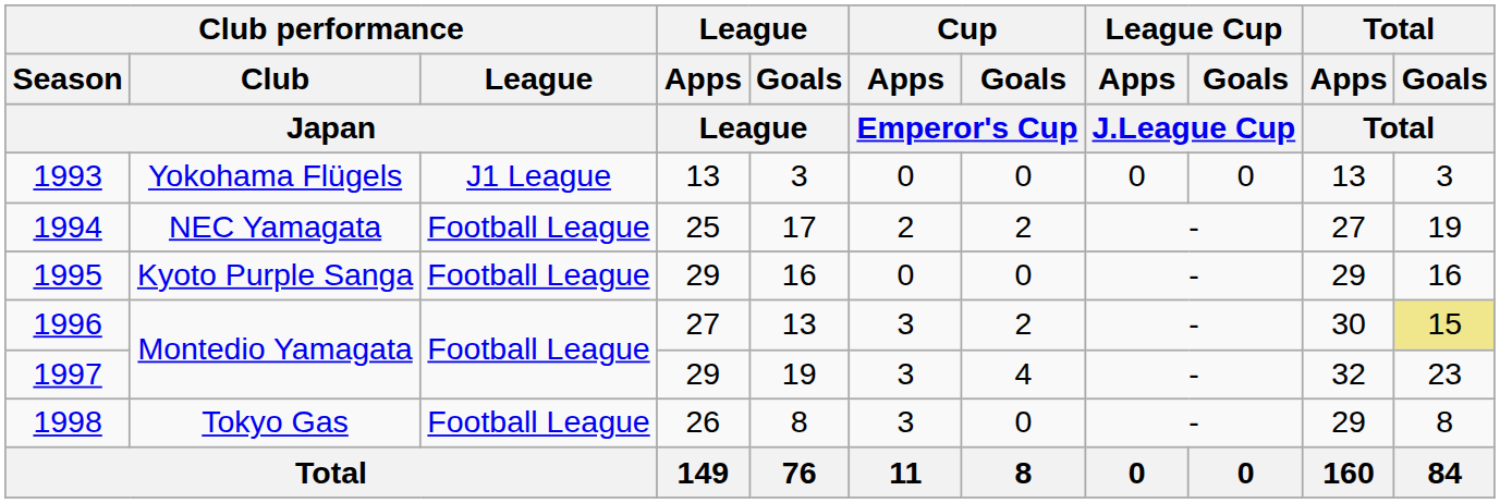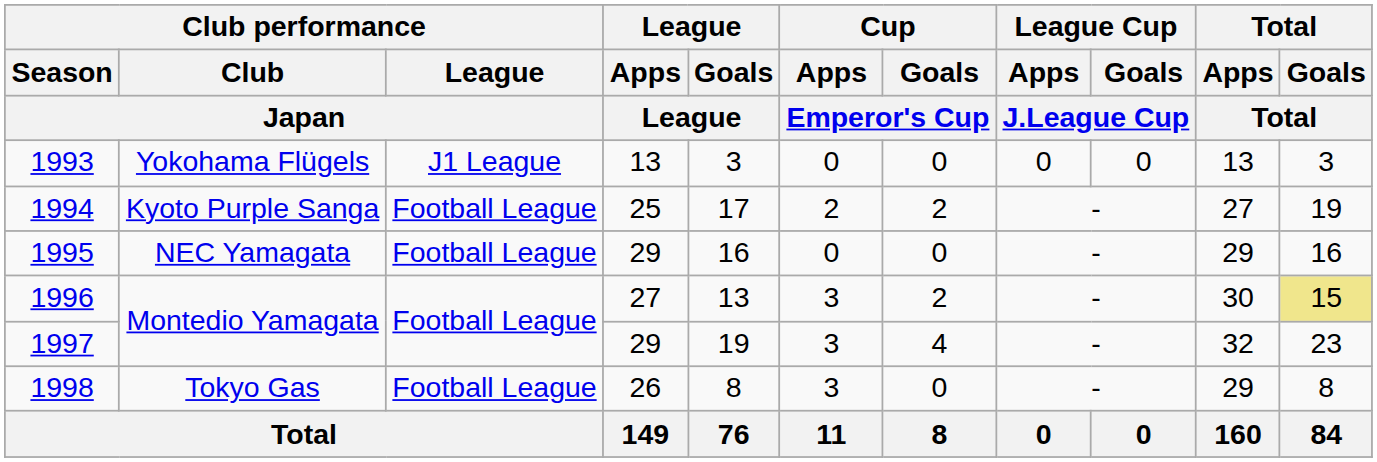 <table class="wikitable" style="text-align:center;">
 <tr>
 <th colspan=3>Club performance</th>
 <th colspan=2>League</th>
 <th colspan=2>Cup</th>
 <th colspan=2>League Cup</th>
 <th colspan=2>Total</th>
 </tr>
 <tr>
 <th>Season</th>
 <th>Club</th>
 <th>League</th>
 <th>Apps</th>
 <th>Goals</th>
 <th>Apps</th>
 <th>Goals</th>
 <th>Apps</th>
 <th>Goals</th>
 <th>Apps</th>
 <th>Goals</th>
 </tr>
 <tr>
 <th colspan=3>Japan</th>
 <th colspan=2>League</th>
 <th colspan=2><a href='#'>Emperor's Cup</a></th>
 <th colspan=2><a href='#'>J.League Cup</a></th>
 <th colspan=2>Total</th>
 </tr>
 <tr>
 <td><a href='#'>1993</a></td>
 <td><a href='#'>Yokohama Flügels</a></td>
 <td><a href='#'>J1 League</a></td>
 <td>13</td>
 <td>3</td>
 <td>0</td>
 <td>0</td>
 <td>0</td>
 <td>0</td>
 <td>13</td>
 <td>3</td>
 </tr>
 <tr>
 <td><a href='#'>1994</a></td>
-<td><a href='#'>NEC Yamagata</a></td>
+<td><a href='#'>Kyoto Purple Sanga</a></td>
 <td><a href='#'>Football League</a></td>
 <td>25</td>
 <td>17</td>
 <td>2</td>
 <td>2</td>
 <td colspan="2">-</td>
 <td>27</td>
 <td>19</td>
 </tr>
 <tr>
 <td><a href='#'>1995</a></td>
-<td><a href='#'>Kyoto Purple Sanga</a></td>
+<td><a href='#'>NEC Yamagata</a></td>
 <td><a href='#'>Football League</a></td>
 <td>29</td>
 <td>16</td>
 <td>0</td>
 <td>0</td>
 <td colspan="2">-</td>
 <td>29</td>
 <td>16</td>
 </tr>
 <tr>
 <td><a href='#'>1996</a></td>
 <td rowspan="2"><a href='#'>Montedio Yamagata</a></td>
 <td rowspan="2"><a href='#'>Football League</a></td>
 <td>27</td>
 <td>13</td>
 <td>3</td>
 <td>2</td>
 <td colspan="2">-</td>
 <td>30</td>
 <td style="background: khaki;">15</td>
 </tr>
 <tr>
 <td><a href='#'>1997</a></td>
 <td>29</td>
 <td>19</td>
 <td>3</td>
 <td>4</td>
 <td colspan="2">-</td>
 <td>32</td>
 <td>23</td>
 </tr>
 <tr>
 <td><a href='#'>1998</a></td>
 <td><a href='#'>Tokyo Gas</a></td>
 <td><a href='#'>Football League</a></td>
 <td>26</td>
 <td>8</td>
 <td>3</td>
 <td>0</td>
 <td colspan="2">-</td>
 <td>29</td>
 <td>8</td>
 </tr>
 <tr>
 <th colspan=3>Total</th>
 <th>149</th>
 <th>76</th>
 <th>11</th>
 <th>8</th>
 <th>0</th>
 <th>0</th>
 <th>160</th>
 <th>84</th>
 </tr>
 </table>
